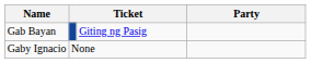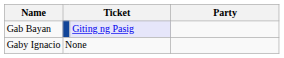 <table class=wikitable style="font-size:90%">
 <tr>
 <th !width=150px>Name</th>
 <th colspan=2 width=150px>Ticket</th>
 <th colspan=2 width=150px>Party</th>
 </tr>
 <tr>
 <td>Gab Bayan</td>
 <td bgcolor=#114599></td>
-<td><a href='#'>Giting ng Pasig</a></td>
+<td style="background: lavender;"><a href='#'>Giting ng Pasig</a></td>
 <td></td>
 </tr>
 <tr>
 <td>Gaby Ignacio</td>
 <td colspan=2>None</td>
 <td></td>
 </tr>
 </table>
